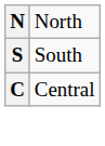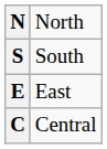 <table class="wikitable" style="font-size:85%">
 <tr>
 <th scope="row">N</th>
 <td>North</td>
 </tr>
 <tr>
 <th scope="row">S</th>
 <td>South</td>
 </tr>
 <tr>
+<th scope="row">E</th>
+<td>East</td>
+</tr>
+<tr>
 <th scope="row">C</th>
 <td>Central</td>
 </tr>
 </table>
